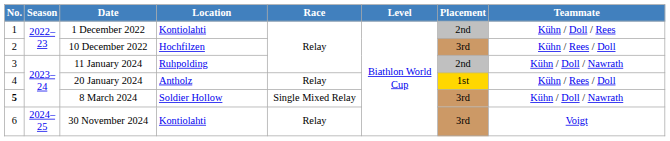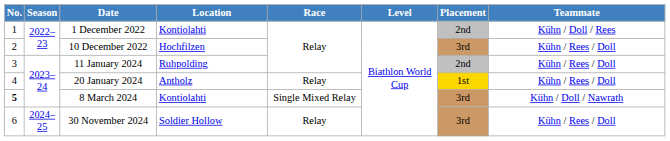 <table class="wikitable sortable" style="font-size:85%; text-align:center; border:grey solid 1px; border-collapse:collapse; background:#ffffff;">
 <tr style="background:#efefef;">
 <th style="background-color:#4180be; color:white;">No.</th>
 <th style="background-color:#4180be; color:white;">Season</th>
 <th style="background-color:#4180be; color:white; width:130px;">Date</th>
 <th style="background-color:#4180be; color:white; width:150px;">Location</th>
 <th style="background-color:#4180be; color:white; width:130px;">Race</th>
 <th style="background-color:#4180be; color:white; width:100px;">Level</th>
 <th style="background-color:#4180be; color:white; width:50px;">Placement</th>
 <th style="background-color:#4180be; color:white; width:250px;">Teammate</th>
 </tr>
 <tr>
 <td>1</td>
 <td rowspan=2><a href='#'>2022–23</a></td>
 <td>1 December 2022</td>
 <td align=left> <a href='#'>Kontiolahti</a></td>
 <td rowspan=3 align=center>Relay</td>
 <td rowspan=6><a href='#'>Biathlon World Cup</a></td>
 <td align=center bgcolor="silver">2nd</td>
 <td><a href='#'>Kühn</a> / <a href='#'>Doll</a> / <a href='#'>Rees</a></td>
 </tr>
 <tr>
 <td>2</td>
 <td>10 December 2022</td>
 <td align=left> <a href='#'>Hochfilzen</a></td>
 <td align=center bgcolor="#CC9966">3rd</td>
 <td><a href='#'>Kühn</a> / <a href='#'>Rees</a> / <a href='#'>Doll</a></td>
 </tr>
 <tr>
 <td>3</td>
 <td rowspan=3><a href='#'>2023–24</a></td>
 <td>11 January 2024</td>
 <td align=left> <a href='#'>Ruhpolding</a></td>
 <td align=center bgcolor="silver">2nd</td>
-<td><a href='#'>Kühn</a> / <a href='#'>Doll</a> / <a href='#'>Nawrath</a></td>
+<td><a href='#'>Kühn</a> / <a href='#'>Rees</a> / <a href='#'>Doll</a></td>
 </tr>
 <tr>
 <td>4</td>
 <td>20 January 2024</td>
 <td align=left> <a href='#'>Antholz</a></td>
 <td align=center>Relay</td>
 <td align=center bgcolor="gold">1st</td>
 <td><a href='#'>Kühn</a> / <a href='#'>Rees</a> / <a href='#'>Doll</a></td>
 </tr>
 <tr>
 <td><strong>5</strong></td>
 <td>8 March 2024</td>
-<td align=left> <a href='#'>Soldier Hollow</a></td>
+<td align=left> <a href='#'>Kontiolahti</a></td>
 <td align=center>Single Mixed Relay</td>
 <td align=center bgcolor="#CC9966">3rd</td>
 <td><a href='#'>Kühn</a> / <a href='#'>Doll</a> / <a href='#'>Nawrath</a></td>
 </tr>
 <tr>
 <td>6</td>
 <td rowspan=1><a href='#'>2024–25</a></td>
 <td>30 November 2024</td>
-<td align=left> <a href='#'>Kontiolahti</a></td>
+<td align=left> <a href='#'>Soldier Hollow</a></td>
 <td align=center>Relay</td>
 <td align=center bgcolor="#CC9966">3rd</td>
-<td><a href='#'>Voigt</a></td>
+<td><a href='#'>Kühn</a> / <a href='#'>Rees</a> / <a href='#'>Doll</a></td>
 </tr>
 </table>
